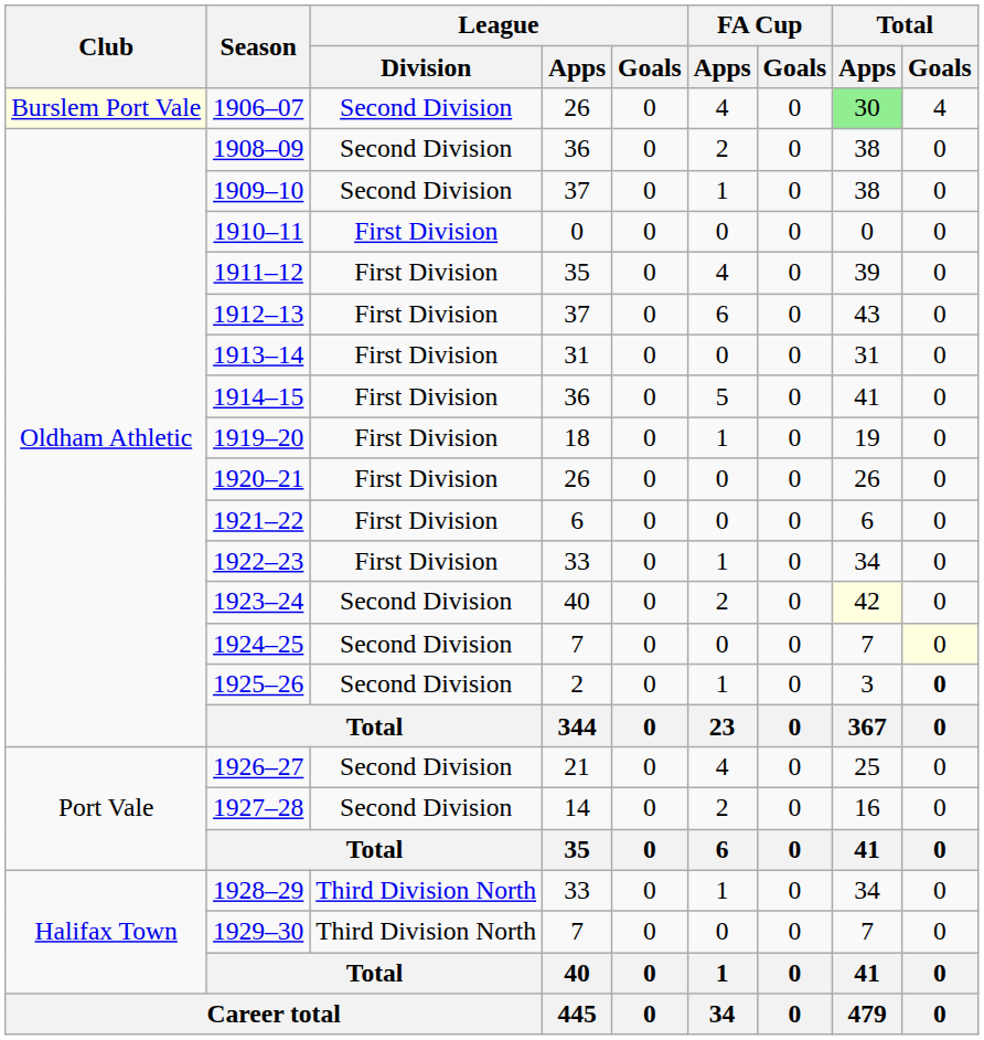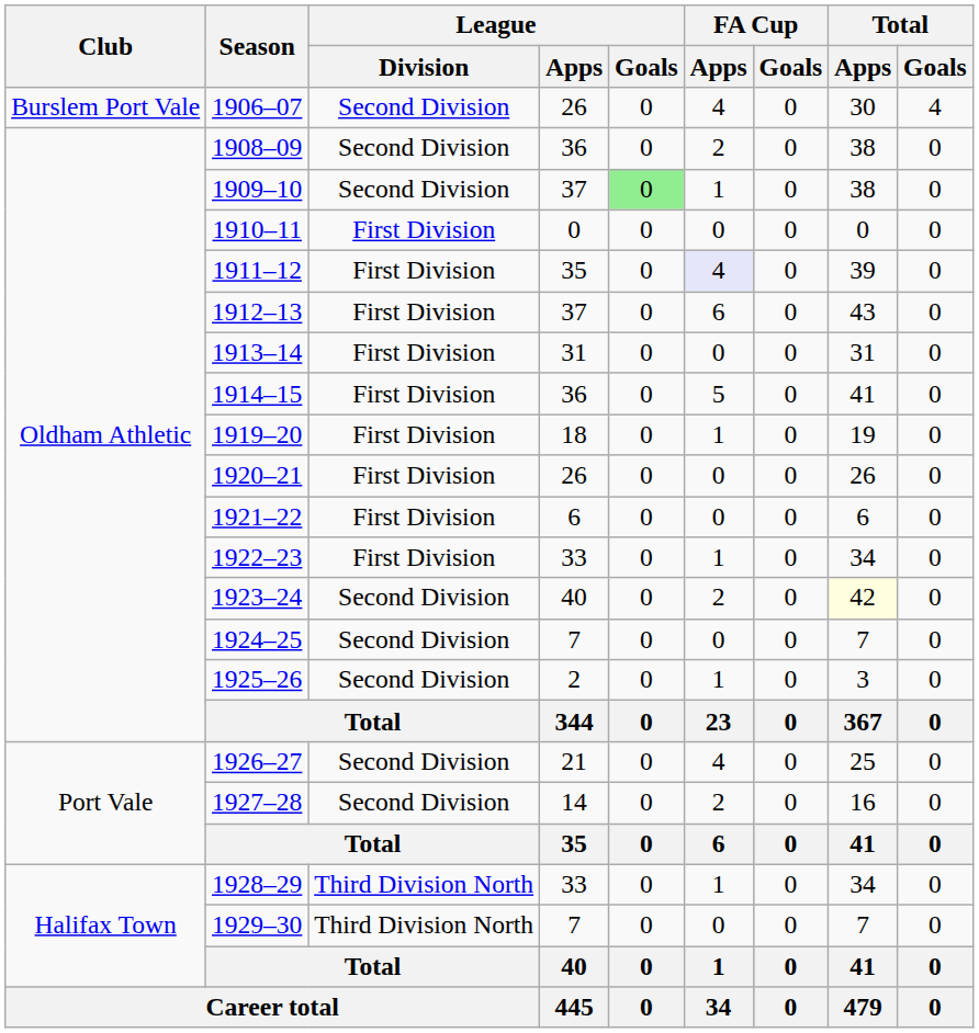 <table class="wikitable" style="text-align: center;">
 <tr>
 <th rowspan="2">Club</th>
 <th rowspan="2">Season</th>
 <th colspan="3">League</th>
 <th colspan="2">FA Cup</th>
 <th colspan="2">Total</th>
 </tr>
 <tr>
 <th>Division</th>
 <th>Apps</th>
 <th>Goals</th>
 <th>Apps</th>
 <th>Goals</th>
 <th>Apps</th>
 <th>Goals</th>
 </tr>
 <tr>
-<td style="background: lightyellow;"><a href='#'>Burslem Port Vale</a></td>
+<td><a href='#'>Burslem Port Vale</a></td>
 <td><a href='#'>1906–07</a></td>
 <td><a href='#'>Second Division</a></td>
 <td>26</td>
 <td>0</td>
 <td>4</td>
 <td>0</td>
-<td style="background: lightgreen;">30</td>
+<td>30</td>
 <td>4</td>
 </tr>
 <tr>
 <td rowspan="15"><a href='#'>Oldham Athletic</a></td>
 <td><a href='#'>1908–09</a></td>
 <td>Second Division</td>
 <td>36</td>
 <td>0</td>
 <td>2</td>
 <td>0</td>
 <td>38</td>
 <td>0</td>
 </tr>
 <tr>
 <td><a href='#'>1909–10</a></td>
 <td>Second Division</td>
 <td>37</td>
-<td>0</td>
+<td style="background: lightgreen;">0</td>
 <td>1</td>
 <td>0</td>
 <td>38</td>
 <td>0</td>
 </tr>
 <tr>
 <td><a href='#'>1910–11</a></td>
 <td><a href='#'>First Division</a></td>
 <td>0</td>
 <td>0</td>
 <td>0</td>
 <td>0</td>
 <td>0</td>
 <td>0</td>
 </tr>
 <tr>
 <td><a href='#'>1911–12</a></td>
 <td>First Division</td>
 <td>35</td>
 <td>0</td>
-<td>4</td>
+<td style="background: lavender;">4</td>
 <td>0</td>
 <td>39</td>
 <td>0</td>
 </tr>
 <tr>
 <td><a href='#'>1912–13</a></td>
 <td>First Division</td>
 <td>37</td>
 <td>0</td>
 <td>6</td>
 <td>0</td>
 <td>43</td>
 <td>0</td>
 </tr>
 <tr>
 <td><a href='#'>1913–14</a></td>
 <td>First Division</td>
 <td>31</td>
 <td>0</td>
 <td>0</td>
 <td>0</td>
 <td>31</td>
 <td>0</td>
 </tr>
 <tr>
 <td><a href='#'>1914–15</a></td>
 <td>First Division</td>
 <td>36</td>
 <td>0</td>
 <td>5</td>
 <td>0</td>
 <td>41</td>
 <td>0</td>
 </tr>
 <tr>
 <td><a href='#'>1919–20</a></td>
 <td>First Division</td>
 <td>18</td>
 <td>0</td>
 <td>1</td>
 <td>0</td>
 <td>19</td>
 <td>0</td>
 </tr>
 <tr>
 <td><a href='#'>1920–21</a></td>
 <td>First Division</td>
 <td>26</td>
 <td>0</td>
 <td>0</td>
 <td>0</td>
 <td>26</td>
 <td>0</td>
 </tr>
 <tr>
 <td><a href='#'>1921–22</a></td>
 <td>First Division</td>
 <td>6</td>
 <td>0</td>
 <td>0</td>
 <td>0</td>
 <td>6</td>
 <td>0</td>
 </tr>
 <tr>
 <td><a href='#'>1922–23</a></td>
 <td>First Division</td>
 <td>33</td>
 <td>0</td>
 <td>1</td>
 <td>0</td>
 <td>34</td>
 <td>0</td>
 </tr>
 <tr>
 <td><a href='#'>1923–24</a></td>
 <td>Second Division</td>
 <td>40</td>
 <td>0</td>
 <td>2</td>
 <td>0</td>
 <td style="background: lightyellow;">42</td>
 <td>0</td>
 </tr>
 <tr>
 <td><a href='#'>1924–25</a></td>
 <td>Second Division</td>
 <td>7</td>
 <td>0</td>
 <td>0</td>
 <td>0</td>
 <td>7</td>
-<td style="background: lightyellow;">0</td>
+<td>0</td>
 </tr>
 <tr>
 <td><a href='#'>1925–26</a></td>
 <td>Second Division</td>
 <td>2</td>
 <td>0</td>
 <td>1</td>
 <td>0</td>
 <td>3</td>
-<td><strong>0</strong></td>
+<td>0</td>
 </tr>
 <tr>
 <th colspan="2">Total</th>
 <th>344</th>
 <th>0</th>
 <th>23</th>
 <th>0</th>
 <th>367</th>
 <th>0</th>
 </tr>
 <tr>
 <td rowspan="3">Port Vale</td>
 <td><a href='#'>1926–27</a></td>
 <td>Second Division</td>
 <td>21</td>
 <td>0</td>
 <td>4</td>
 <td>0</td>
 <td>25</td>
 <td>0</td>
 </tr>
 <tr>
 <td><a href='#'>1927–28</a></td>
 <td>Second Division</td>
 <td>14</td>
 <td>0</td>
 <td>2</td>
 <td>0</td>
 <td>16</td>
 <td>0</td>
 </tr>
 <tr>
 <th colspan="2">Total</th>
 <th>35</th>
 <th>0</th>
 <th>6</th>
 <th>0</th>
 <th>41</th>
 <th>0</th>
 </tr>
 <tr>
 <td rowspan="3"><a href='#'>Halifax Town</a></td>
 <td><a href='#'>1928–29</a></td>
 <td><a href='#'>Third Division North</a></td>
 <td>33</td>
 <td>0</td>
 <td>1</td>
 <td>0</td>
 <td>34</td>
 <td>0</td>
 </tr>
 <tr>
 <td><a href='#'>1929–30</a></td>
 <td>Third Division North</td>
 <td>7</td>
 <td>0</td>
 <td>0</td>
 <td>0</td>
 <td>7</td>
 <td>0</td>
 </tr>
 <tr>
 <th colspan="2">Total</th>
 <th>40</th>
 <th>0</th>
 <th>1</th>
 <th>0</th>
 <th>41</th>
 <th>0</th>
 </tr>
 <tr>
 <th colspan="3">Career total</th>
 <th>445</th>
 <th>0</th>
 <th>34</th>
 <th>0</th>
 <th>479</th>
 <th>0</th>
 </tr>
 </table>
